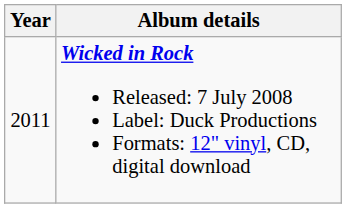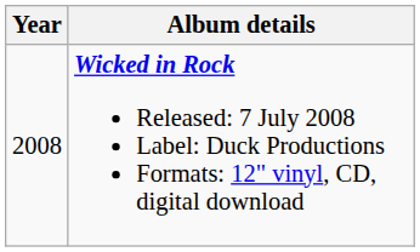 <table class="wikitable">
 <tr>
 <th width="33">Year</th>
 <th width="215">Album details</th>
 </tr>
 <tr>
-<td align="center">2011</td>
+<td align="center">2008</td>
 <td><strong><em><a href='#'>Wicked in Rock</a></em></strong><br><ul><li>Released: 7 July 2008</li><li>Label: Duck Productions</li><li>Formats: <a href='#'>12" vinyl</a>, CD, digital download</li></ul></td>
 </tr>
 </table>
